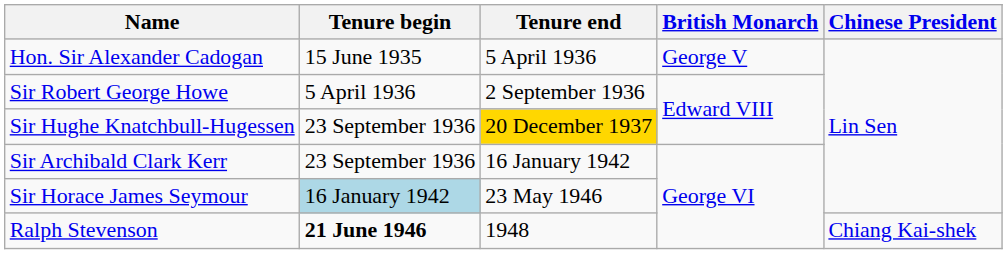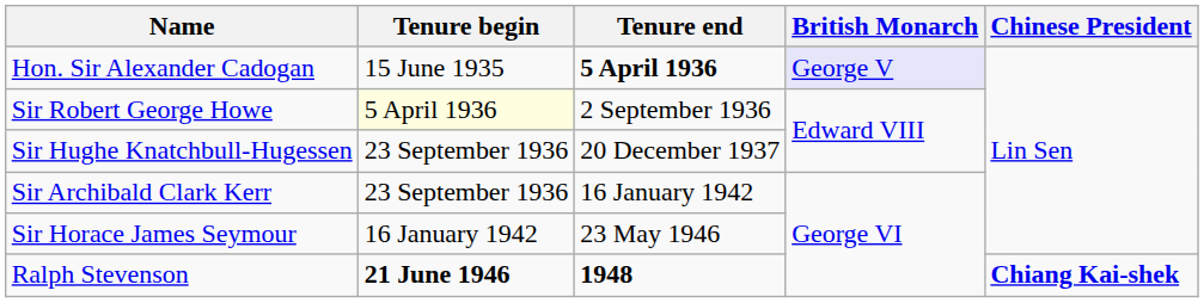 <table class="wikitable">
 <tr>
 <th>Name</th>
 <th>Tenure begin</th>
 <th>Tenure end</th>
 <th><a href='#'>British Monarch</a></th>
 <th><a href='#'>Chinese President</a></th>
 </tr>
 <tr>
 <td><a href='#'>Hon. Sir Alexander Cadogan</a></td>
 <td>15 June 1935</td>
-<td>5 April 1936</td>
-<td><a href='#'>George V</a></td>
+<td><strong>5 April 1936</strong></td>
+<td style="background: lavender;"><a href='#'>George V</a></td>
 <td rowspan="5"><a href='#'>Lin Sen</a></td>
 </tr>
 <tr>
 <td><a href='#'>Sir Robert George Howe</a></td>
-<td>5 April 1936</td>
+<td style="background: lightyellow;">5 April 1936</td>
 <td>2 September 1936</td>
 <td rowspan="2"><a href='#'>Edward VIII</a></td>
 </tr>
 <tr>
 <td><a href='#'>Sir Hughe Knatchbull-Hugessen</a></td>
 <td>23 September 1936</td>
-<td style="background: gold;">20 December 1937</td>
+<td>20 December 1937</td>
 </tr>
 <tr>
 <td><a href='#'>Sir Archibald Clark Kerr</a></td>
 <td>23 September 1936</td>
 <td>16 January 1942</td>
 <td rowspan="3"><a href='#'>George VI</a></td>
 </tr>
 <tr>
 <td><a href='#'>Sir Horace James Seymour</a></td>
-<td style="background: lightblue;">16 January 1942</td>
+<td>16 January 1942</td>
 <td>23 May 1946</td>
 </tr>
 <tr>
 <td><a href='#'>Ralph Stevenson</a></td>
 <td><strong>21 June 1946</strong></td>
-<td>1948</td>
-<td><a href='#'>Chiang Kai-shek</a></td>
+<td><strong>1948</strong></td>
+<td><strong><a href='#'>Chiang Kai-shek</a></strong></td>
 </tr>
 </table>
